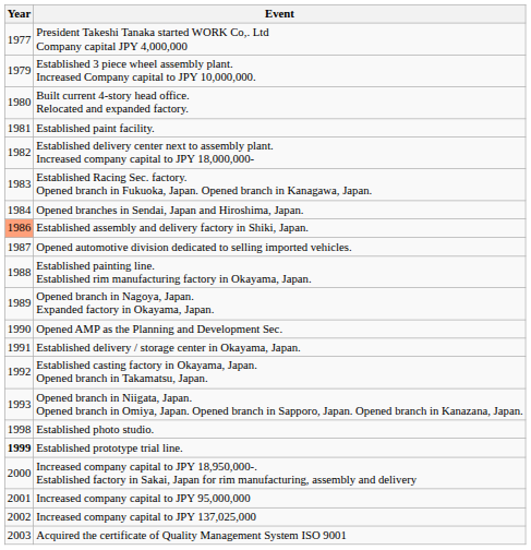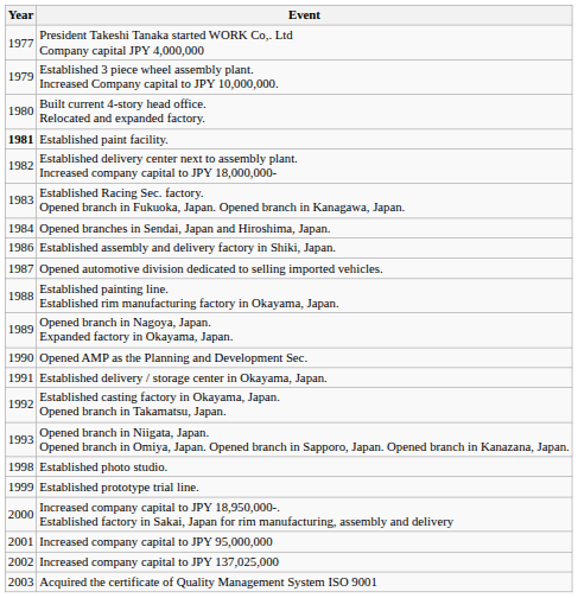 <table class="wikitable">
 <tr>
 <th>Year</th>
 <th>Event</th>
 </tr>
 <tr>
 <td>1977</td>
 <td>President Takeshi Tanaka started WORK Co,. Ltd<br>Company capital JPY 4,000,000</td>
 </tr>
 <tr>
 <td>1979</td>
 <td>Established 3 piece wheel assembly plant.<br>Increased Company capital to JPY 10,000,000.</td>
 </tr>
 <tr>
 <td>1980</td>
 <td>Built current 4-story head office.<br>Relocated and expanded factory.</td>
 </tr>
 <tr>
-<td>1981</td>
+<td><strong>1981</strong></td>
 <td>Established paint facility.</td>
 </tr>
 <tr>
 <td>1982</td>
 <td>Established delivery center next to assembly plant.<br>Increased company capital to JPY 18,000,000-</td>
 </tr>
 <tr>
 <td>1983</td>
 <td>Established Racing Sec. factory.<br>Opened branch in Fukuoka, Japan. Opened branch in Kanagawa, Japan.</td>
 </tr>
 <tr>
 <td>1984</td>
 <td>Opened branches in Sendai, Japan and Hiroshima, Japan.</td>
 </tr>
 <tr>
-<td style="background: lightsalmon;">1986</td>
+<td>1986</td>
 <td>Established assembly and delivery factory in Shiki, Japan.</td>
 </tr>
 <tr>
 <td>1987</td>
 <td>Opened automotive division dedicated to selling imported vehicles.</td>
 </tr>
 <tr>
 <td>1988</td>
 <td>Established painting line.<br>Established rim manufacturing factory in Okayama, Japan.</td>
 </tr>
 <tr>
 <td>1989</td>
 <td>Opened branch in Nagoya, Japan.<br>Expanded factory in Okayama, Japan.</td>
 </tr>
 <tr>
 <td>1990</td>
 <td>Opened AMP as the Planning and Development Sec.</td>
 </tr>
 <tr>
 <td>1991</td>
 <td>Established delivery / storage center in Okayama, Japan.</td>
 </tr>
 <tr>
 <td>1992</td>
 <td>Established casting factory in Okayama, Japan.<br>Opened branch in Takamatsu, Japan.</td>
 </tr>
 <tr>
 <td>1993</td>
 <td>Opened branch in Niigata, Japan.<br>Opened branch in Omiya, Japan. Opened branch in Sapporo, Japan. Opened branch in Kanazana, Japan.</td>
 </tr>
 <tr>
 <td>1998</td>
 <td>Established photo studio.</td>
 </tr>
 <tr>
-<td><strong>1999</strong></td>
+<td>1999</td>
 <td>Established prototype trial line.</td>
 </tr>
 <tr>
 <td>2000</td>
 <td>Increased company capital to JPY 18,950,000-.<br>Established factory in Sakai, Japan for rim manufacturing, assembly and delivery</td>
 </tr>
 <tr>
 <td>2001</td>
 <td>Increased company capital to JPY 95,000,000</td>
 </tr>
 <tr>
 <td>2002</td>
 <td>Increased company capital to JPY 137,025,000</td>
 </tr>
 <tr>
 <td>2003</td>
 <td>Acquired the certificate of Quality Management System ISO 9001</td>
 </tr>
 </table>
